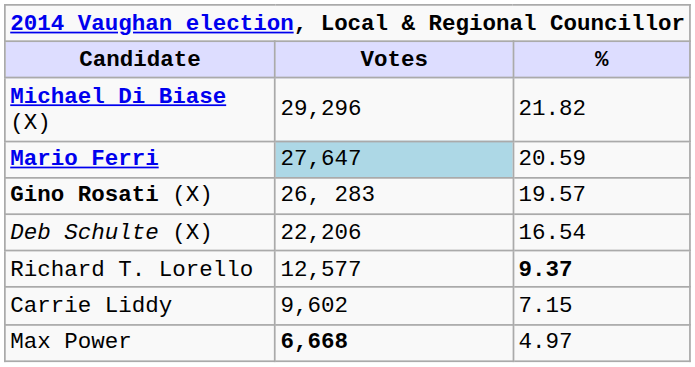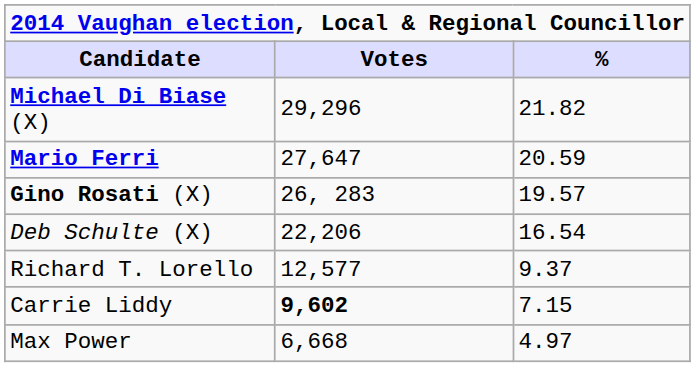 <table class="wikitable">
 <tr>
 <td colspan="3" style="text-align:center;"><strong><a href='#'>2014 Vaughan election</a>, Local & Regional Councillor</strong></td>
 </tr>
 <tr>
 <th style="background:#ddf; width:150px;">Candidate</th>
 <th style="background:#ddf;">Votes</th>
 <th style="background:#ddf;">%</th>
 </tr>
 <tr>
 <td><strong><a href='#'>Michael Di Biase</a></strong> (X)</td>
 <td>29,296</td>
 <td>21.82</td>
 </tr>
 <tr>
 <td><strong><a href='#'>Mario Ferri</a></strong></td>
-<td style="background: lightblue;">27,647</td>
+<td>27,647</td>
 <td>20.59</td>
 </tr>
 <tr>
 <td><strong>Gino Rosati</strong> (X)</td>
 <td>26, 283</td>
 <td>19.57</td>
 </tr>
 <tr>
 <td><em>Deb Schulte</em> (X)</td>
 <td>22,206</td>
 <td>16.54</td>
 </tr>
 <tr>
 <td>Richard T. Lorello</td>
 <td>12,577</td>
-<td><strong>9.37</strong></td>
+<td>9.37</td>
 </tr>
 <tr>
 <td>Carrie Liddy</td>
-<td>9,602</td>
+<td><strong>9,602</strong></td>
 <td>7.15</td>
 </tr>
 <tr>
 <td>Max Power</td>
-<td><strong>6,668</strong></td>
+<td>6,668</td>
 <td>4.97</td>
 </tr>
 </table>
